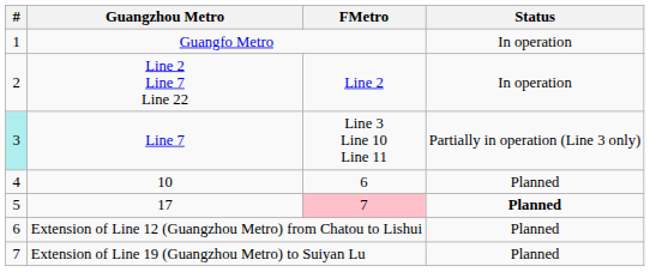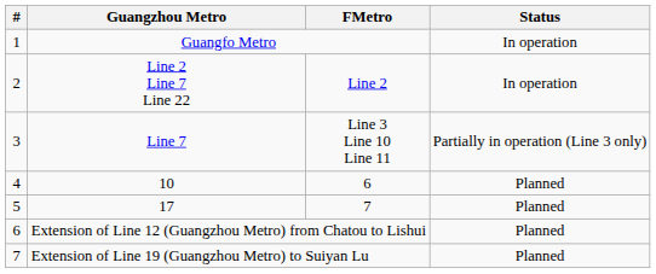 <table class="wikitable" style="text-align:center">
 <tr>
 <th style="width:1em">#</th>
 <th>Guangzhou Metro</th>
 <th>FMetro</th>
 <th>Status</th>
 </tr>
 <tr>
 <td>1</td>
 <td colspan="2"><a href='#'>Guangfo Metro</a></td>
 <td>In operation</td>
 </tr>
 <tr>
 <td>2</td>
 <td><a href='#'>Line 2</a><br><a href='#'>Line 7</a><br>Line 22</td>
 <td><a href='#'>Line 2</a></td>
 <td>In operation</td>
 </tr>
 <tr>
-<td style="background: paleturquoise;">3</td>
+<td>3</td>
 <td><a href='#'>Line 7</a></td>
 <td>Line 3<br>Line 10<br>Line 11</td>
 <td>Partially in operation (Line 3 only)</td>
 </tr>
 <tr>
 <td>4</td>
 <td>10</td>
 <td>6</td>
 <td>Planned</td>
 </tr>
 <tr>
 <td>5</td>
 <td>17</td>
-<td style="background: pink;">7</td>
-<td><strong>Planned</strong></td>
+<td>7</td>
+<td>Planned</td>
 </tr>
 <tr>
 <td>6</td>
 <td colspan="2" style="text-align: left; white-space: nowrap">Extension of Line 12 (Guangzhou Metro) from Chatou to Lishui</td>
 <td>Planned</td>
 </tr>
 <tr>
 <td>7</td>
 <td colspan="2" style="text-align: left; white-space: nowrap">Extension of Line 19 (Guangzhou Metro) to Suiyan Lu</td>
 <td>Planned</td>
 </tr>
 </table>
